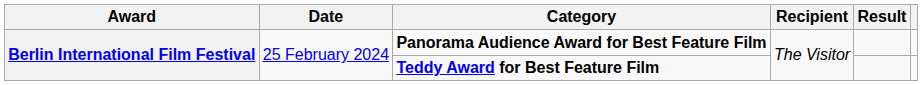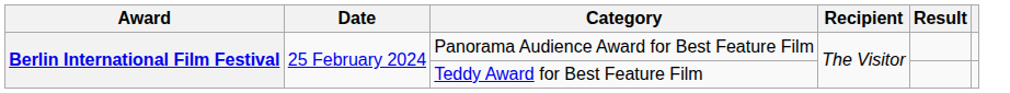 <table class="wikitable sortable plainrowheaders">
 <tr>
 <th>Award</th>
 <th>Date</th>
 <th>Category</th>
 <th>Recipient</th>
 <th>Result</th>
 <th></th>
 </tr>
 <tr>
 <th scope="row" rowspan=2><a href='#'>Berlin International Film Festival</a></th>
 <td rowspan=2><a href='#'>25 February 2024</a></td>
-<td><strong>Panorama Audience Award for Best Feature Film</strong></td>
+<td>Panorama Audience Award for Best Feature Film</td>
 <td rowspan=2><em>The Visitor</em></td>
 <td></td>
 <td align="center" rowspan="1"></td>
 </tr>
 <tr>
-<td><strong><a href='#'>Teddy Award</a> for Best Feature Film</strong></td>
+<td><a href='#'>Teddy Award</a> for Best Feature Film</td>
 <td></td>
 <td align="center" rowspan="1"></td>
 </tr>
 <tr>
 </tr>
 </table>
